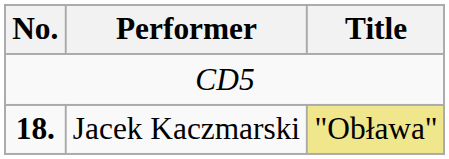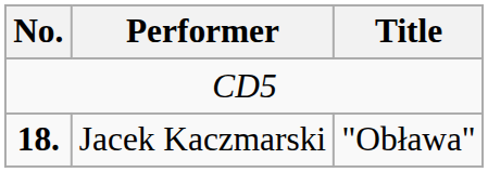 <table class="wikitable">
 <tr>
 <th>No.</th>
 <th>Performer</th>
 <th>Title</th>
 </tr>
 <tr>
 <td colspan="3" style="text-align:center"><em>CD5</em></td>
 </tr>
 <tr>
 <td style="text-align:center"><strong>18.</strong></td>
 <td>Jacek Kaczmarski</td>
-<td style="background: khaki;">"Obława"</td>
+<td>"Obława"</td>
 </tr>
 </table>
